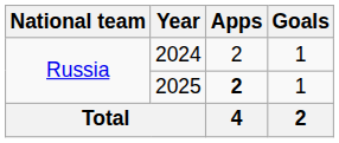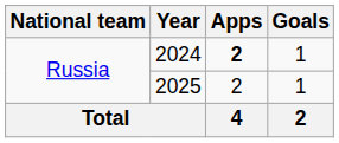 <table class=wikitable style=text-align:center>
 <tr>
 <th>National team</th>
 <th>Year</th>
 <th>Apps</th>
 <th>Goals</th>
 </tr>
 <tr>
 <td rowspan="2"><a href='#'>Russia</a></td>
 <td>2024</td>
-<td>2</td>
+<td><strong>2</strong></td>
 <td>1</td>
 </tr>
 <tr>
 <td>2025</td>
-<td><strong>2</strong></td>
+<td>2</td>
 <td>1</td>
 </tr>
 <tr>
 <th colspan="2">Total</th>
 <th>4</th>
 <th>2</th>
 </tr>
 </table>
